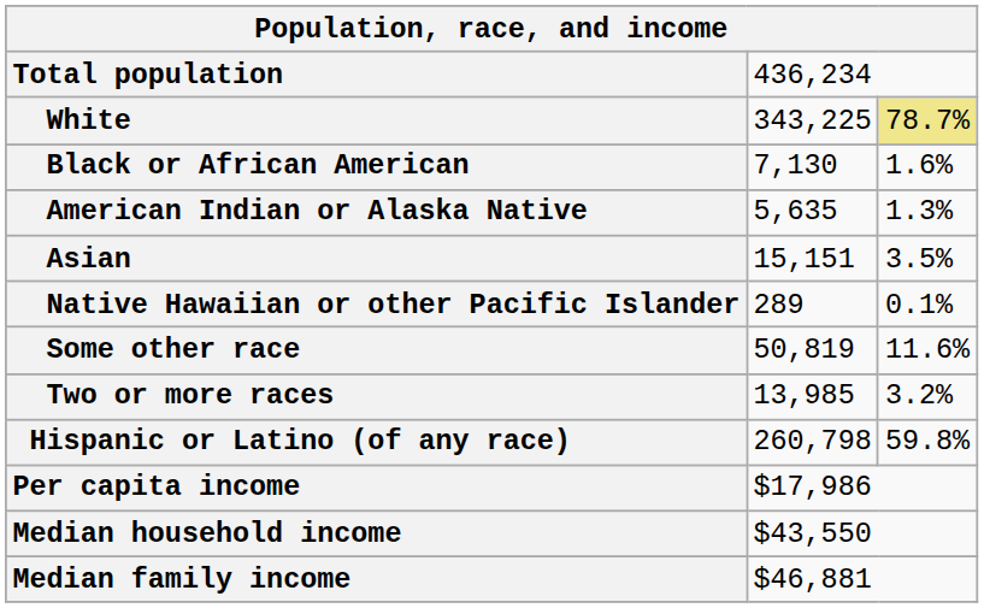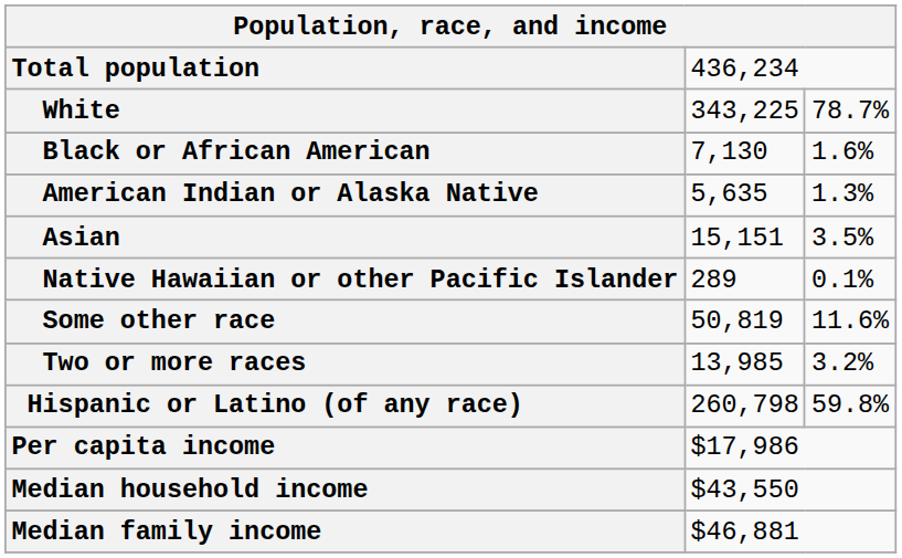 <table class="wikitable collapsible collapsed">
 <tr>
 <th colspan=6>Population, race, and income</th>
 </tr>
 <tr>
 <th scope="row" style="text-align: left;">Total population</th>
 <td colspan=2>436,234</td>
 </tr>
 <tr>
 <th scope="row" style="text-align: left;">  White</th>
 <td>343,225</td>
-<td style="background: khaki;">78.7%</td>
+<td>78.7%</td>
 </tr>
 <tr>
 <th scope="row" style="text-align: left;">  Black or African American</th>
 <td>7,130</td>
 <td>1.6%</td>
 </tr>
 <tr>
 <th scope="row" style="text-align: left;">  American Indian or Alaska Native</th>
 <td>5,635</td>
 <td>1.3%</td>
 </tr>
 <tr>
 <th scope="row" style="text-align: left;">  Asian</th>
 <td>15,151</td>
 <td>3.5%</td>
 </tr>
 <tr>
 <th scope="row" style="text-align: left;">  Native Hawaiian or other Pacific Islander</th>
 <td>289</td>
 <td>0.1%</td>
 </tr>
 <tr>
 <th scope="row" style="text-align: left;">  Some other race</th>
 <td>50,819</td>
 <td>11.6%</td>
 </tr>
 <tr>
 <th scope="row" style="text-align: left;">  Two or more races</th>
 <td>13,985</td>
 <td>3.2%</td>
 </tr>
 <tr>
 <th scope="row" style="text-align: left;"> Hispanic or Latino (of any race)</th>
 <td>260,798</td>
 <td>59.8%</td>
 </tr>
 <tr>
 <th scope="row" style="text-align: left;">Per capita income</th>
 <td colspan=2>$17,986</td>
 </tr>
 <tr>
 <th scope="row" style="text-align: left;">Median household income</th>
 <td colspan=2>$43,550</td>
 </tr>
 <tr>
 <th scope="row" style="text-align: left;">Median family income</th>
 <td colspan=2>$46,881</td>
 </tr>
 </table>
